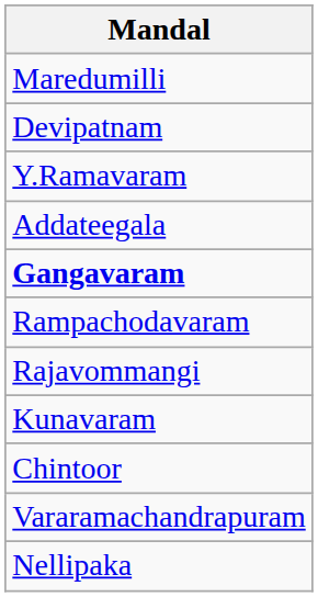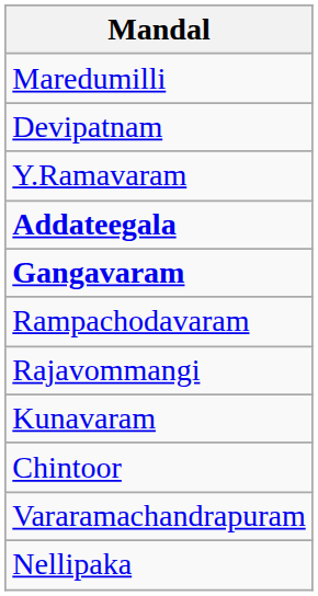 <table class="wikitable sortable static-row-numbers static-row-header-hash">
 <tr>
 <th>Mandal</th>
 </tr>
 <tr>
 <td><a href='#'>Maredumilli</a></td>
 </tr>
 <tr>
 <td><a href='#'>Devipatnam</a></td>
 </tr>
 <tr>
 <td><a href='#'>Y.Ramavaram</a></td>
 </tr>
 <tr>
-<td><a href='#'>Addateegala</a></td>
+<td><strong><a href='#'>Addateegala</a></strong></td>
 </tr>
 <tr>
 <td><strong><a href='#'>Gangavaram</a></strong></td>
 </tr>
 <tr>
 <td><a href='#'>Rampachodavaram</a></td>
 </tr>
 <tr>
 <td><a href='#'>Rajavommangi</a></td>
 </tr>
 <tr>
 <td><a href='#'>Kunavaram</a></td>
 </tr>
 <tr>
 <td><a href='#'>Chintoor</a></td>
 </tr>
 <tr>
 <td><a href='#'>Vararamachandrapuram</a></td>
 </tr>
 <tr>
 <td><a href='#'>Nellipaka</a></td>
 </tr>
 </table>
